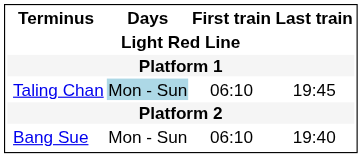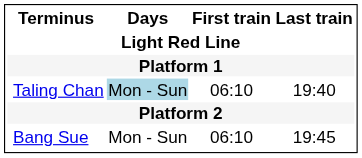 <table style="text-align:centre; font-size:95%; border:1px solid black">
 <tr>
 <th colspan="2">Terminus</th>
 <th>Days</th>
 <th>First train</th>
 <th>Last train</th>
 </tr>
 <tr>
 <th colspan="7" style="background-color:#">Light Red Line</th>
 </tr>
 <tr>
 <th colspan="7" style="background-color:#f5f5f5">Platform 1</th>
 </tr>
 <tr>
 <td></td>
 <td style="text-align:center"><a href='#'>Taling Chan</a></td>
 <td style="background: lightblue; text-align:center">Mon - Sun</td>
 <td style="text-align:center">06:10</td>
-<td style="text-align:center">19:45</td>
+<td style="text-align:center">19:40</td>
 </tr>
 <tr>
 <th colspan="7" style="background-color:#f5f5f5">Platform 2</th>
 </tr>
 <tr>
 <td></td>
 <td><a href='#'>Bang Sue</a></td>
 <td>Mon - Sun</td>
 <td style="text-align:center">06:10</td>
-<td style="text-align:center">19:40</td>
+<td style="text-align:center">19:45</td>
 </tr>
 <tr>
 </tr>
 </table>
